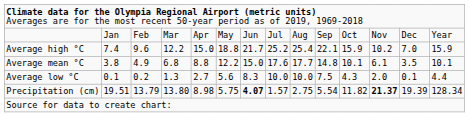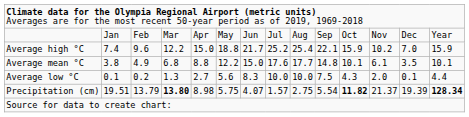 <table class="wikitable" align="center">
 <tr>
 <td colspan="14"><strong>Climate data for the Olympia Regional Airport (metric units)</strong><br>Averages are for the most recent 50-year period as of 2019, 1969-2018</td>
 </tr>
 <tr>
 <td></td>
 <td>Jan</td>
 <td>Feb</td>
 <td>Mar</td>
 <td>Apr</td>
 <td>May</td>
 <td>Jun</td>
 <td>Jul</td>
 <td>Aug</td>
 <td>Sep</td>
 <td>Oct</td>
 <td>Nov</td>
 <td>Dec</td>
 <td>Year</td>
 </tr>
 <tr>
 <td>Average high °C</td>
 <td>7.4</td>
 <td>9.6</td>
 <td>12.2</td>
 <td>15.0</td>
 <td>18.8</td>
 <td>21.7</td>
 <td>25.2</td>
 <td>25.4</td>
 <td>22.1</td>
 <td>15.9</td>
 <td>10.2</td>
 <td>7.0</td>
 <td>15.9</td>
 </tr>
 <tr>
 <td>Average mean °C</td>
 <td>3.8</td>
 <td>4.9</td>
 <td>6.8</td>
 <td>8.8</td>
 <td>12.2</td>
 <td>15.0</td>
 <td>17.6</td>
 <td>17.7</td>
 <td>14.8</td>
 <td>10.1</td>
 <td>6.1</td>
 <td>3.5</td>
 <td>10.1</td>
 </tr>
 <tr>
 <td>Average low °C</td>
 <td>0.1</td>
 <td>0.2</td>
 <td>1.3</td>
 <td>2.7</td>
 <td>5.6</td>
 <td>8.3</td>
 <td>10.0</td>
 <td>10.0</td>
 <td>7.5</td>
 <td>4.3</td>
 <td>2.0</td>
 <td>0.1</td>
 <td>4.4</td>
 </tr>
 <tr>
 <td>Precipitation (cm)</td>
 <td>19.51</td>
 <td>13.79</td>
-<td>13.80</td>
+<td><strong>13.80</strong></td>
 <td>8.98</td>
 <td>5.75</td>
-<td><strong>4.07</strong></td>
+<td>4.07</td>
 <td>1.57</td>
 <td>2.75</td>
 <td>5.54</td>
-<td>11.82</td>
-<td><strong>21.37</strong></td>
+<td><strong>11.82</strong></td>
+<td>21.37</td>
 <td>19.39</td>
-<td>128.34</td>
+<td><strong>128.34</strong></td>
 </tr>
 <tr>
 <td colspan="14">Source for data to create chart: </td>
 </tr>
 </table>
